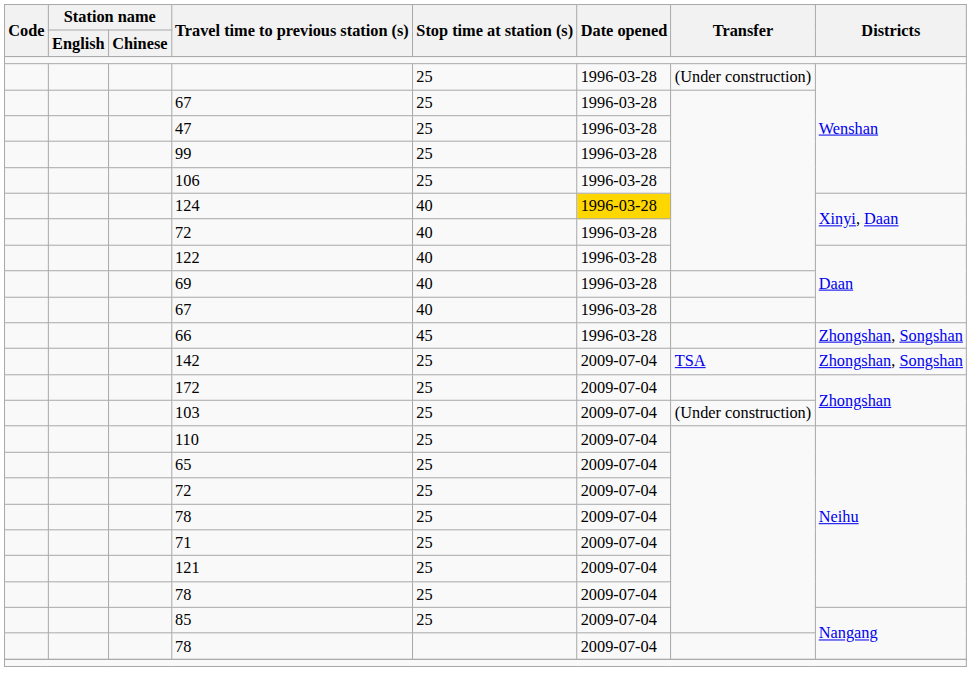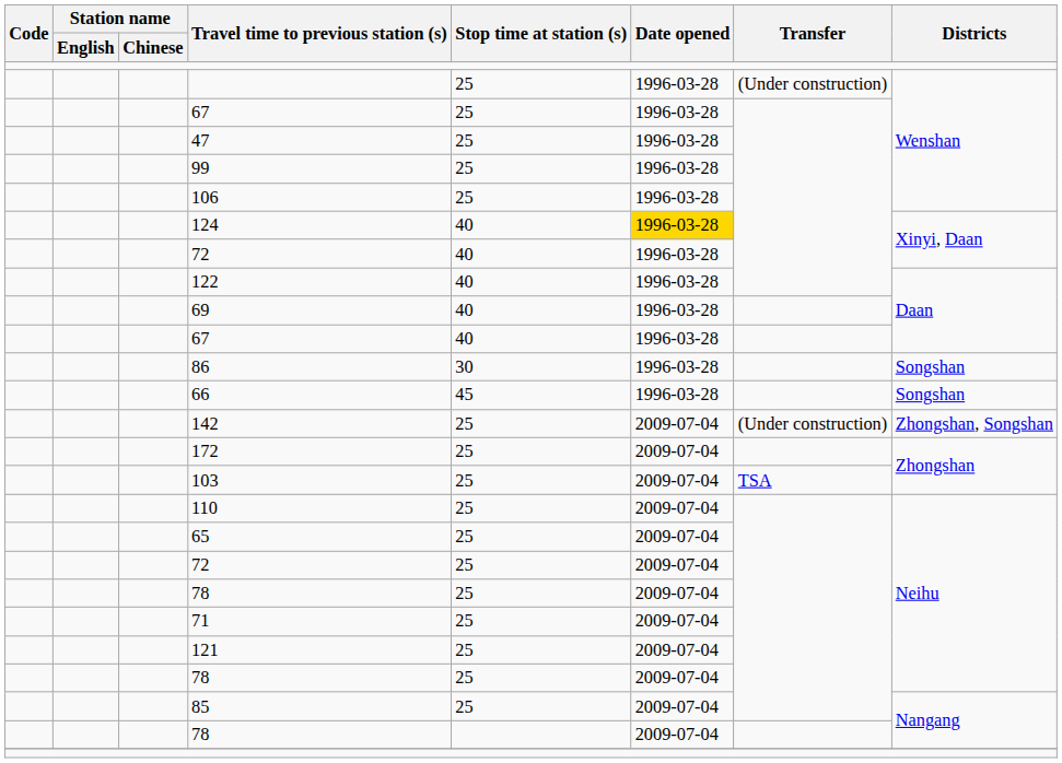 <table class="wikitable sortable">
 <tr>
 <th rowspan="2">Code</th>
 <th colspan="2">Station name</th>
 <th rowspan="2">Travel time to previous station (s)</th>
 <th rowspan="2">Stop time at station (s)</th>
 <th rowspan="2">Date opened</th>
 <th rowspan="2">Transfer</th>
 <th rowspan="2">Districts</th>
 </tr>
 <tr>
 <th>English</th>
 <th>Chinese</th>
 </tr>
 <tr>
 </tr>
 <tr>
 <td colspan="8"></td>
 </tr>
 <tr>
 <td></td>
 <td></td>
 <td></td>
 <td></td>
 <td>25</td>
 <td>1996-03-28</td>
 <td>  (Under construction)</td>
 <td rowspan="5"><a href='#'>Wenshan</a></td>
 </tr>
 <tr>
 <td></td>
 <td></td>
 <td></td>
 <td>67</td>
 <td>25</td>
 <td>1996-03-28</td>
 <td rowspan="7"></td>
 </tr>
 <tr>
 <td></td>
 <td></td>
 <td></td>
 <td>47</td>
 <td>25</td>
 <td>1996-03-28</td>
 </tr>
 <tr>
 <td></td>
 <td></td>
 <td></td>
 <td>99</td>
 <td>25</td>
 <td>1996-03-28</td>
 </tr>
 <tr>
 <td></td>
 <td></td>
 <td></td>
 <td>106</td>
 <td>25</td>
 <td>1996-03-28</td>
 </tr>
 <tr>
 <td></td>
 <td></td>
 <td></td>
 <td>124</td>
 <td>40</td>
 <td style="background: gold;">1996-03-28</td>
 <td rowspan="2"><a href='#'>Xinyi</a>, <a href='#'>Daan</a></td>
 </tr>
 <tr>
 <td></td>
 <td></td>
 <td></td>
 <td>72</td>
 <td>40</td>
 <td>1996-03-28</td>
 </tr>
 <tr>
 <td></td>
 <td></td>
 <td></td>
 <td>122</td>
 <td>40</td>
 <td>1996-03-28</td>
 <td rowspan="3"><a href='#'>Daan</a></td>
 </tr>
 <tr>
 <td></td>
 <td></td>
 <td></td>
 <td>69</td>
 <td>40</td>
 <td>1996-03-28</td>
 <td></td>
 </tr>
 <tr>
 <td></td>
 <td></td>
 <td></td>
 <td>67</td>
 <td>40</td>
 <td>1996-03-28</td>
 <td></td>
 </tr>
 <tr>
 <td></td>
 <td></td>
 <td></td>
+<td>86</td>
+<td>30</td>
+<td>1996-03-28</td>
+<td></td>
+<td><a href='#'>Songshan</a></td>
+</tr>
+<tr>
+<td></td>
+<td></td>
+<td></td>
 <td>66</td>
 <td>45</td>
 <td>1996-03-28</td>
 <td></td>
-<td><a href='#'>Zhongshan</a>, <a href='#'>Songshan</a></td>
+<td><a href='#'>Songshan</a></td>
 </tr>
 <tr>
 <td></td>
 <td></td>
 <td></td>
 <td>142</td>
 <td>25</td>
 <td>2009-07-04</td>
-<td> <a href='#'>TSA</a></td>
+<td> (Under construction)</td>
 <td><a href='#'>Zhongshan</a>, <a href='#'>Songshan</a></td>
 </tr>
 <tr>
 <td></td>
 <td></td>
 <td></td>
 <td>172</td>
 <td>25</td>
 <td>2009-07-04</td>
 <td></td>
 <td rowspan="2"><a href='#'>Zhongshan</a></td>
 </tr>
 <tr>
 <td></td>
 <td></td>
 <td></td>
 <td>103</td>
 <td>25</td>
 <td>2009-07-04</td>
-<td> (Under construction)</td>
+<td> <a href='#'>TSA</a></td>
 </tr>
 <tr>
 <td></td>
 <td></td>
 <td></td>
 <td>110</td>
 <td>25</td>
 <td>2009-07-04</td>
 <td rowspan="8"></td>
 <td rowspan="7"><a href='#'>Neihu</a></td>
 </tr>
 <tr>
 <td></td>
 <td></td>
 <td></td>
 <td>65</td>
 <td>25</td>
 <td>2009-07-04</td>
 </tr>
 <tr>
 <td></td>
 <td></td>
 <td></td>
 <td>72</td>
 <td>25</td>
 <td>2009-07-04</td>
 </tr>
 <tr>
 <td></td>
 <td></td>
 <td></td>
 <td>78</td>
 <td>25</td>
 <td>2009-07-04</td>
 </tr>
 <tr>
 <td></td>
 <td></td>
 <td></td>
 <td>71</td>
 <td>25</td>
 <td>2009-07-04</td>
 </tr>
 <tr>
 <td></td>
 <td></td>
 <td></td>
 <td>121</td>
 <td>25</td>
 <td>2009-07-04</td>
 </tr>
 <tr>
 <td></td>
 <td></td>
 <td></td>
 <td>78</td>
 <td>25</td>
 <td>2009-07-04</td>
 </tr>
 <tr>
 <td></td>
 <td></td>
 <td></td>
 <td>85</td>
 <td>25</td>
 <td>2009-07-04</td>
 <td rowspan="2"><a href='#'>Nangang</a></td>
 </tr>
 <tr>
 <td></td>
 <td></td>
 <td></td>
 <td>78</td>
 <td></td>
 <td>2009-07-04</td>
 <td></td>
 </tr>
 <tr>
 </tr>
 <tr>
 <td colspan="8"></td>
 </tr>
 </table>
